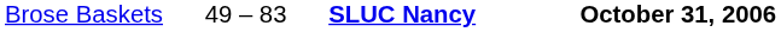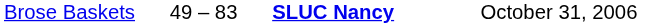 <table style="text-align:center">
 <tr>
 <th width=160></th>
 <th width=100></th>
 <th width=160></th>
 <th width=200></th>
 </tr>
 <tr>
 <td align=right><a href='#'>Brose Baskets</a> </td>
 <td>49 – 83</td>
 <td align=left> <strong><a href='#'>SLUC Nancy</a></strong></td>
-<td align=left><strong>October 31, 2006</strong></td>
+<td align=left>October 31, 2006</td>
 </tr>
 </table>
